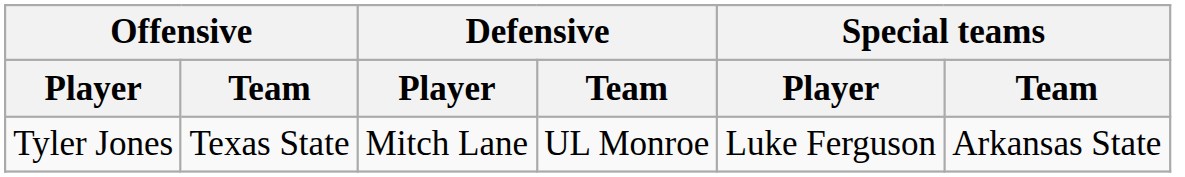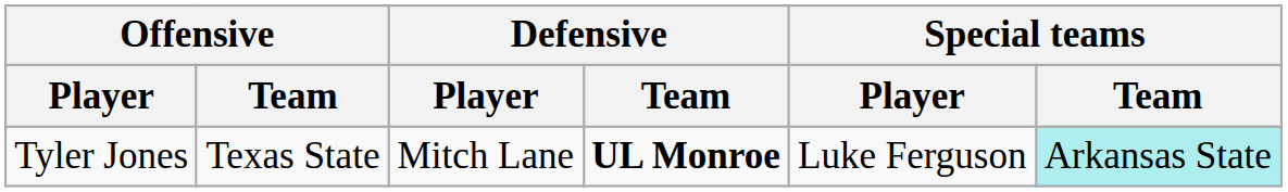 <table class="wikitable">
 <tr>
 <th colspan="2">Offensive</th>
 <th colspan="2">Defensive</th>
 <th colspan="2">Special teams</th>
 </tr>
 <tr>
 <th>Player</th>
 <th>Team</th>
 <th>Player</th>
 <th>Team</th>
 <th>Player</th>
 <th>Team</th>
 </tr>
 <tr>
 <td>Tyler Jones</td>
 <td>Texas State</td>
 <td>Mitch Lane</td>
-<td>UL Monroe</td>
+<td><strong>UL Monroe</strong></td>
 <td>Luke Ferguson</td>
-<td>Arkansas State</td>
+<td style="background: paleturquoise;">Arkansas State</td>
 </tr>
 </table>
